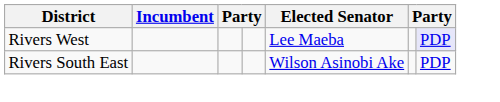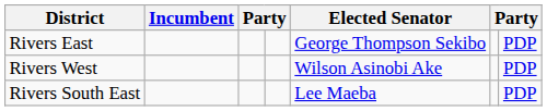 <table class="sortable wikitable" style="font-size:95%;line-height:14px;">
 <tr>
 <th class="unsortable">District</th>
 <th class="unsortable"><a href='#'>Incumbent</a></th>
 <th colspan="2">Party</th>
 <th class="unsortable">Elected Senator</th>
 <th colspan="2">Party</th>
 </tr>
 <tr>
-<td>Rivers West</td>
+<td>Rivers East</td>
 <td></td>
 <td></td>
 <td></td>
-<td><a href='#'>Lee Maeba</a></td>
+<td><a href='#'>George Thompson Sekibo</a></td>
 <td style="background:"></td>
-<td style="background: lavender;"><a href='#'>PDP</a></td>
+<td><a href='#'>PDP</a></td>
 </tr>
 <tr>
-<td>Rivers South East</td>
+<td>Rivers West</td>
 <td></td>
 <td></td>
 <td></td>
 <td><a href='#'>Wilson Asinobi Ake</a></td>
 <td style="background:"></td>
 <td><a href='#'>PDP</a></td>
 </tr>
+<tr>
+<td>Rivers South East</td>
+<td></td>
+<td></td>
+<td></td>
+<td><a href='#'>Lee Maeba</a></td>
+<td style="background:"></td>
+<td><a href='#'>PDP</a></td>
+</tr>
 </table>
